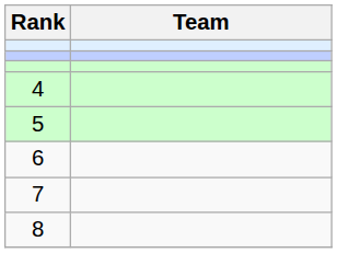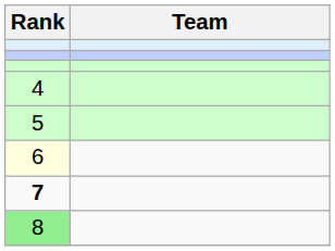 <table class="wikitable" style="text-align: center;">
 <tr>
 <th width=40>Rank</th>
 <th width=180>Team</th>
 </tr>
 <tr bgcolor=#dfefff>
 <td></td>
 <td style="text-align:left;"></td>
 </tr>
 <tr bgcolor=#bfcfff>
 <td></td>
 <td style="text-align:left;"></td>
 </tr>
 <tr bgcolor=#ccffcc>
 <td></td>
 <td style="text-align:left;"></td>
 </tr>
 <tr bgcolor=#ccffcc>
 <td>4</td>
 <td style="text-align:left;"></td>
 </tr>
 <tr bgcolor=#ccffcc>
 <td>5</td>
 <td style="text-align:left;"></td>
 </tr>
 <tr>
-<td>6</td>
+<td style="background: lightyellow;">6</td>
 <td style="text-align:left;"></td>
 </tr>
 <tr>
-<td>7</td>
+<td><strong>7</strong></td>
 <td style="text-align:left;"></td>
 </tr>
 <tr>
-<td>8</td>
+<td style="background: lightgreen;">8</td>
 <td style="text-align:left;"></td>
 </tr>
 <tr align=center>
 </tr>
 </table>
